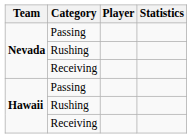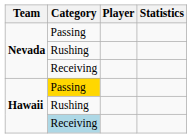 <table class="wikitable" style="float: right;">
 <tr>
 <th>Team</th>
 <th>Category</th>
 <th>Player</th>
 <th>Statistics</th>
 </tr>
 <tr>
 <td rowspan=3><strong>Nevada</strong></td>
 <td>Passing</td>
 <td></td>
 <td></td>
 </tr>
 <tr>
 <td>Rushing</td>
 <td></td>
 <td></td>
 </tr>
 <tr>
 <td>Receiving</td>
 <td></td>
 <td></td>
 </tr>
 <tr>
 <td rowspan=3><strong>Hawaii</strong></td>
-<td>Passing</td>
+<td style="background: gold;">Passing</td>
 <td></td>
 <td></td>
 </tr>
 <tr>
 <td>Rushing</td>
 <td></td>
 <td></td>
 </tr>
 <tr>
-<td>Receiving</td>
+<td style="background: lightblue;">Receiving</td>
 <td></td>
 <td></td>
 </tr>
 </table>
